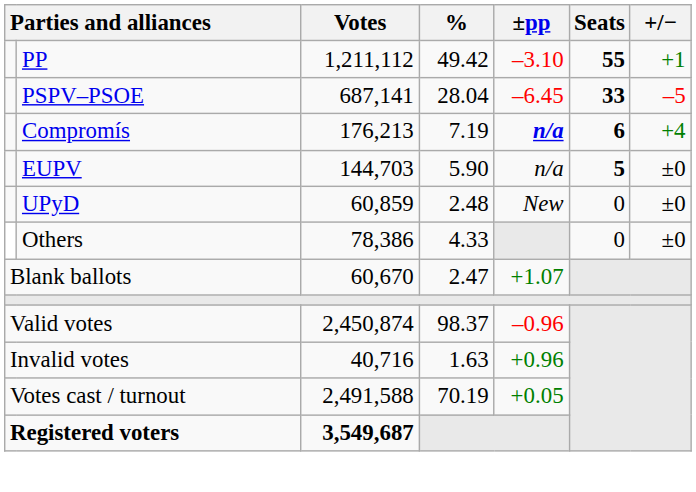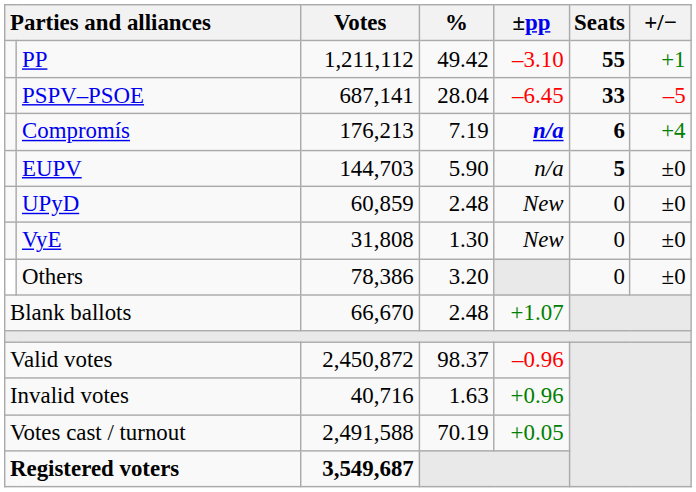 <table class="wikitable" style="text-align:right;">
 <tr>
 <th style="text-align:left;" colspan="2" width="200">Parties and alliances</th>
 <th width="75">Votes</th>
 <th width="45">%</th>
 <th width="45">±<a href='#'>pp</a></th>
 <th width="35">Seats</th>
 <th width="35">+/−</th>
 </tr>
 <tr>
 <td width="1" style="color:inherit;background:"></td>
 <td align="left"><a href='#'>PP</a></td>
 <td>1,211,112</td>
 <td>49.42</td>
 <td style="color:red;">–3.10</td>
 <td><strong>55</strong></td>
 <td style="color:green;">+1</td>
 </tr>
 <tr>
 <td style="color:inherit;background:"></td>
 <td align="left"><a href='#'>PSPV–PSOE</a></td>
 <td>687,141</td>
 <td>28.04</td>
 <td style="color:red;">–6.45</td>
 <td><strong>33</strong></td>
 <td style="color:red;">–5</td>
 </tr>
 <tr>
 <td style="color:inherit;background:"></td>
 <td align="left"><a href='#'>Compromís</a></td>
 <td>176,213</td>
 <td>7.19</td>
 <td><strong><em><a href='#'>n/a</a></em></strong></td>
 <td><strong>6</strong></td>
 <td style="color:green;">+4</td>
 </tr>
 <tr>
 <td style="color:inherit;background:"></td>
 <td align="left"><a href='#'>EUPV</a></td>
 <td>144,703</td>
 <td>5.90</td>
 <td><em>n/a</em></td>
 <td><strong>5</strong></td>
 <td>±0</td>
 </tr>
 <tr>
 <td style="color:inherit;background:"></td>
 <td align="left"><a href='#'>UPyD</a></td>
 <td>60,859</td>
 <td>2.48</td>
 <td><em>New</em></td>
 <td>0</td>
 <td>±0</td>
 </tr>
 <tr>
+<td style="color:inherit;background:"></td>
+<td align="left"><a href='#'>VyE</a></td>
+<td>31,808</td>
+<td>1.30</td>
+<td><em>New</em></td>
+<td>0</td>
+<td>±0</td>
+</tr>
+<tr>
 <td bgcolor="white"></td>
 <td align="left">Others</td>
 <td>78,386</td>
-<td>4.33</td>
+<td>3.20</td>
 <td bgcolor="#E9E9E9"></td>
 <td>0</td>
 <td>±0</td>
 </tr>
 <tr>
 <td align="left" colspan="2">Blank ballots</td>
-<td>60,670</td>
-<td>2.47</td>
+<td>66,670</td>
+<td>2.48</td>
 <td style="color:green;">+1.07</td>
 <td bgcolor="#E9E9E9" colspan="2"></td>
 </tr>
 <tr>
 <td colspan="7" bgcolor="#E9E9E9"></td>
 </tr>
 <tr>
 <td align="left" colspan="2">Valid votes</td>
-<td>2,450,874</td>
+<td>2,450,872</td>
 <td>98.37</td>
 <td style="color:red;">–0.96</td>
 <td bgcolor="#E9E9E9" colspan="2" rowspan="4"></td>
 </tr>
 <tr>
 <td align="left" colspan="2">Invalid votes</td>
 <td>40,716</td>
 <td>1.63</td>
 <td style="color:green;">+0.96</td>
 </tr>
 <tr>
 <td align="left" colspan="2">Votes cast / turnout</td>
 <td>2,491,588</td>
 <td>70.19</td>
 <td style="color:green;">+0.05</td>
 </tr>
 <tr style="font-weight:bold;">
 <td align="left" colspan="2">Registered voters</td>
 <td>3,549,687</td>
 <td bgcolor="#E9E9E9" colspan="2"></td>
 </tr>
 </table>
